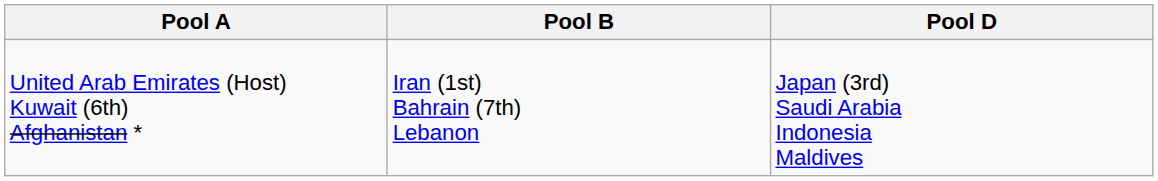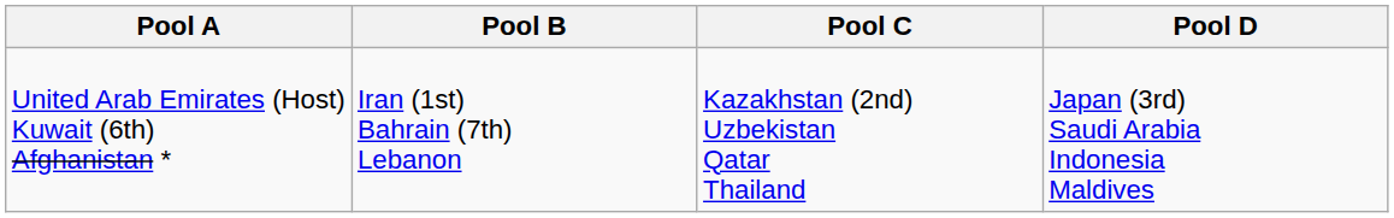 <table class="wikitable">
 <tr>
 <th width=25%>Pool A</th>
 <th width=25%>Pool B</th>
+<th width=25%>Pool C</th>
 <th width=25%>Pool D</th>
 </tr>
 <tr>
 <td valign=top><br> <a href='#'>United Arab Emirates</a> (Host)<br>  <a href='#'>Kuwait</a> (6th)<br> <s> <a href='#'>Afghanistan</a></s> *</td>
 <td valign=top><br> <a href='#'>Iran</a> (1st)<br>  <a href='#'>Bahrain</a> (7th)<br>  <a href='#'>Lebanon</a></td>
+<td><br> <a href='#'>Kazakhstan</a> (2nd)<br>  <a href='#'>Uzbekistan</a><br>  <a href='#'>Qatar</a><br>  <a href='#'>Thailand</a><br></td>
 <td><br> <a href='#'>Japan</a> (3rd)<br>  <a href='#'>Saudi Arabia</a><br>  <a href='#'>Indonesia</a><br>  <a href='#'>Maldives</a></td>
 </tr>
 </table>
